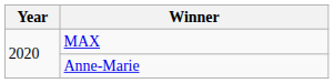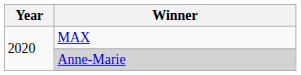 <table class="wikitable">
 <tr align=center>
 <th style="width:50px">Year</th>
 <th style="width:270px">Winner</th>
 </tr>
 <tr>
 <td rowspan="2">2020</td>
 <td><a href='#'>MAX</a></td>
 </tr>
 <tr>
-<td><a href='#'>Anne-Marie</a></td>
+<td style="background: lightgrey;"><a href='#'>Anne-Marie</a></td>
 </tr>
 </table>
